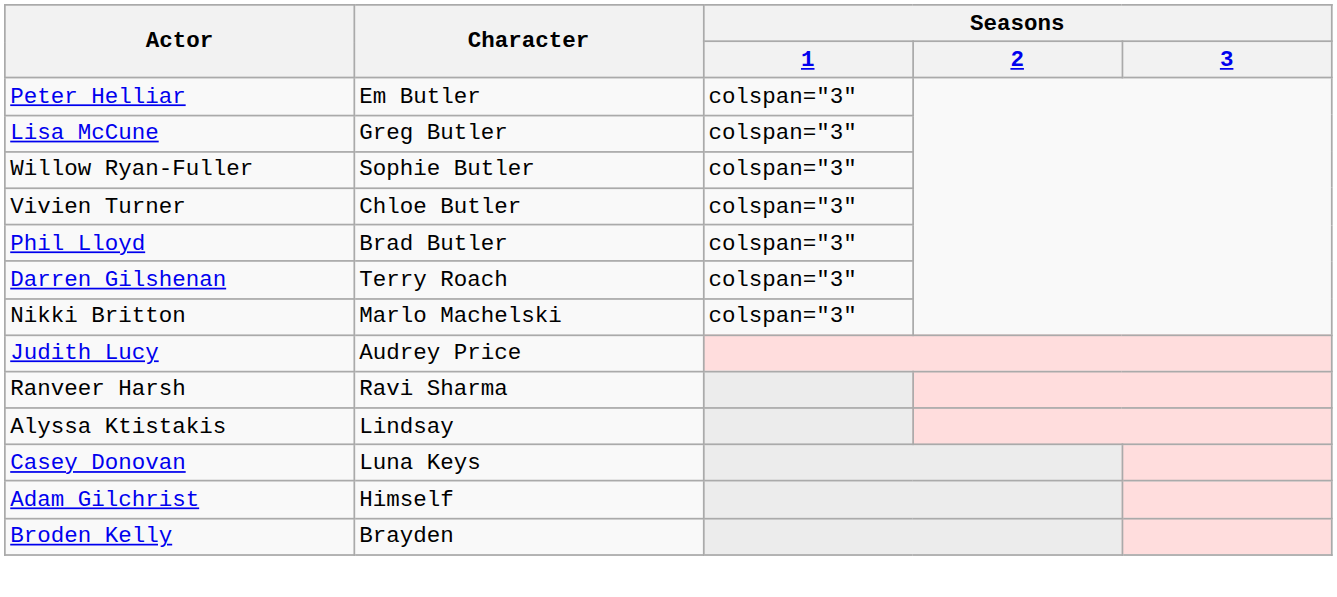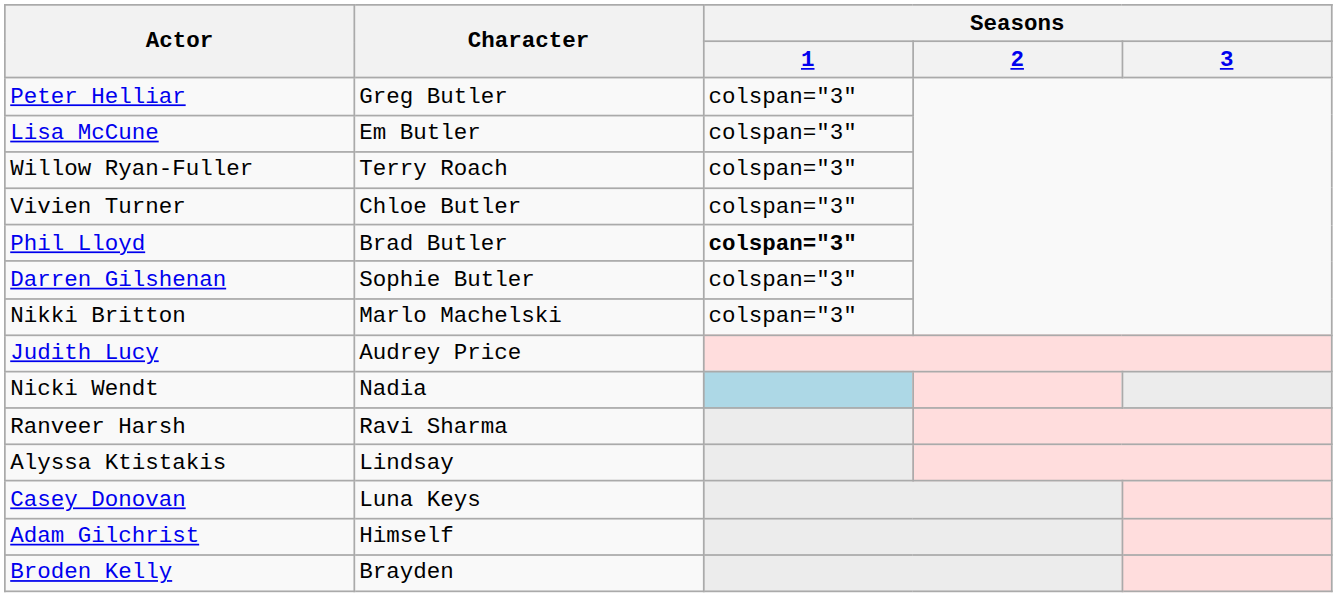 <table class="wikitable">
 <tr>
 <th style="width:20%;" rowspan="2">Actor</th>
 <th style="width:20%;" rowspan="2">Character</th>
 <th colspan="3">Seasons</th>
 </tr>
 <tr>
 <th style="width:12%;"><a href='#'>1</a></th>
 <th style="width:12%;"><a href='#'>2</a></th>
 <th style="width:12%;"><a href='#'>3</a></th>
 </tr>
 <tr>
 <td><a href='#'>Peter Helliar</a></td>
+<td>Greg Butler</td>
+<td>colspan="3" </td>
+</tr>
+<tr>
+<td><a href='#'>Lisa McCune</a></td>
 <td>Em Butler</td>
 <td>colspan="3" </td>
 </tr>
 <tr>
-<td><a href='#'>Lisa McCune</a></td>
-<td>Greg Butler</td>
-<td>colspan="3" </td>
-</tr>
-<tr>
 <td>Willow Ryan-Fuller</td>
-<td>Sophie Butler</td>
+<td>Terry Roach</td>
 <td>colspan="3" </td>
 </tr>
 <tr>
 <td>Vivien Turner</td>
 <td>Chloe Butler</td>
 <td>colspan="3" </td>
 </tr>
 <tr>
 <td><a href='#'>Phil Lloyd</a></td>
 <td>Brad Butler</td>
-<td>colspan="3" </td>
+<td><strong>colspan="3" </strong></td>
 </tr>
 <tr>
 <td><a href='#'>Darren Gilshenan</a></td>
-<td>Terry Roach</td>
+<td>Sophie Butler</td>
 <td>colspan="3" </td>
 </tr>
 <tr>
 <td>Nikki Britton</td>
 <td>Marlo Machelski</td>
 <td>colspan="3" </td>
 </tr>
 <tr>
 <td><a href='#'>Judith Lucy</a></td>
 <td>Audrey Price</td>
 <td colspan="3" style="background:#fdd; color:gray; vertical-align:middle; text-align:center;" class="table-na"></td>
+</tr>
+<tr>
+<td>Nicki Wendt</td>
+<td>Nadia</td>
+<td colspan="1" style="background:#add8e6; color:gray; vertical-align:middle; text-align:center;" class="table-na"></td>
+<td colspan="1" style="background:#fdd; color:gray; vertical-align:middle; text-align:center;" class="table-na"></td>
+<td colspan="1" style="background:#ececec; color:gray; vertical-align:middle; text-align:center;" class="table-na"></td>
 </tr>
 <tr>
 <td>Ranveer Harsh</td>
 <td>Ravi Sharma</td>
 <td colspan="1" style="background:#ececec; color:gray; vertical-align:middle; text-align:center;" class="table-na"></td>
 <td colspan="2" style="background:#fdd; color:gray; vertical-align:middle; text-align:center;" class="table-na"></td>
 </tr>
 <tr>
 <td>Alyssa Ktistakis</td>
 <td>Lindsay</td>
 <td colspan="1" style="background:#ececec; color:gray; vertical-align:middle; text-align:center;" class="table-na"></td>
 <td colspan="2" style="background:#fdd; color:gray; vertical-align:middle; text-align:center;" class="table-na"></td>
 </tr>
 <tr>
 <td><a href='#'>Casey Donovan</a></td>
 <td>Luna Keys</td>
 <td colspan="2" style="background:#ececec; color:gray; vertical-align:middle; text-align:center;" class="table-na"></td>
 <td colspan="1" style="background:#fdd; color:gray; vertical-align:middle; text-align:center;" class="table-na"></td>
 </tr>
 <tr>
 <td><a href='#'>Adam Gilchrist</a></td>
 <td>Himself</td>
 <td colspan="2" style="background:#ececec; color:gray; vertical-align:middle; text-align:center;" class="table-na"></td>
 <td colspan="1" style="background:#fdd; color:gray; vertical-align:middle; text-align:center;" class="table-na"></td>
 </tr>
 <tr>
 <td><a href='#'>Broden Kelly</a></td>
 <td>Brayden</td>
 <td colspan="2" style="background:#ececec; color:gray; vertical-align:middle; text-align:center;" class="table-na"></td>
 <td colspan="1" style="background:#fdd; color:gray; vertical-align:middle; text-align:center;" class="table-na"></td>
 </tr>
 </table>
